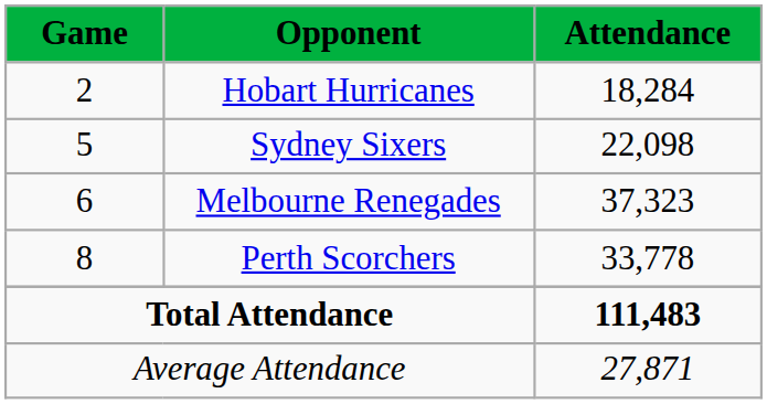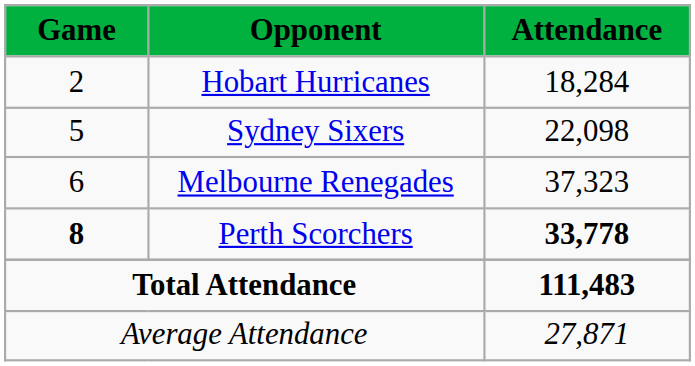 <table class="wikitable sortable" style="text-align:center; font-size:90%">
 <tr>
 <th style="width:60px; background:#00B13F; text-align:center;">Game</th>
 <th style="width:150px; background:#00B13F; text-align:center;" class="unsortable">Opponent</th>
 <th style="width:90px; background:#00B13F; text-align:center;">Attendance</th>
 </tr>
 <tr>
 <td>2</td>
 <td><a href='#'>Hobart Hurricanes</a></td>
 <td>18,284</td>
 </tr>
 <tr>
 <td>5</td>
 <td><a href='#'>Sydney Sixers</a></td>
 <td>22,098</td>
 </tr>
 <tr>
 <td>6</td>
 <td><a href='#'>Melbourne Renegades</a></td>
 <td>37,323</td>
 </tr>
 <tr>
-<td>8</td>
+<td><strong>8</strong></td>
 <td><a href='#'>Perth Scorchers</a></td>
-<td>33,778</td>
+<td><strong>33,778</strong></td>
 </tr>
 <tr a>
 </tr>
 <tr class="sortbottom">
 <td colspan="2"><strong>Total Attendance</strong></td>
 <td><strong>111,483</strong></td>
 </tr>
 <tr class="sortbottom">
 <td colspan="2"><em>Average Attendance</em></td>
 <td><em>27,871</em></td>
 </tr>
 </table>
